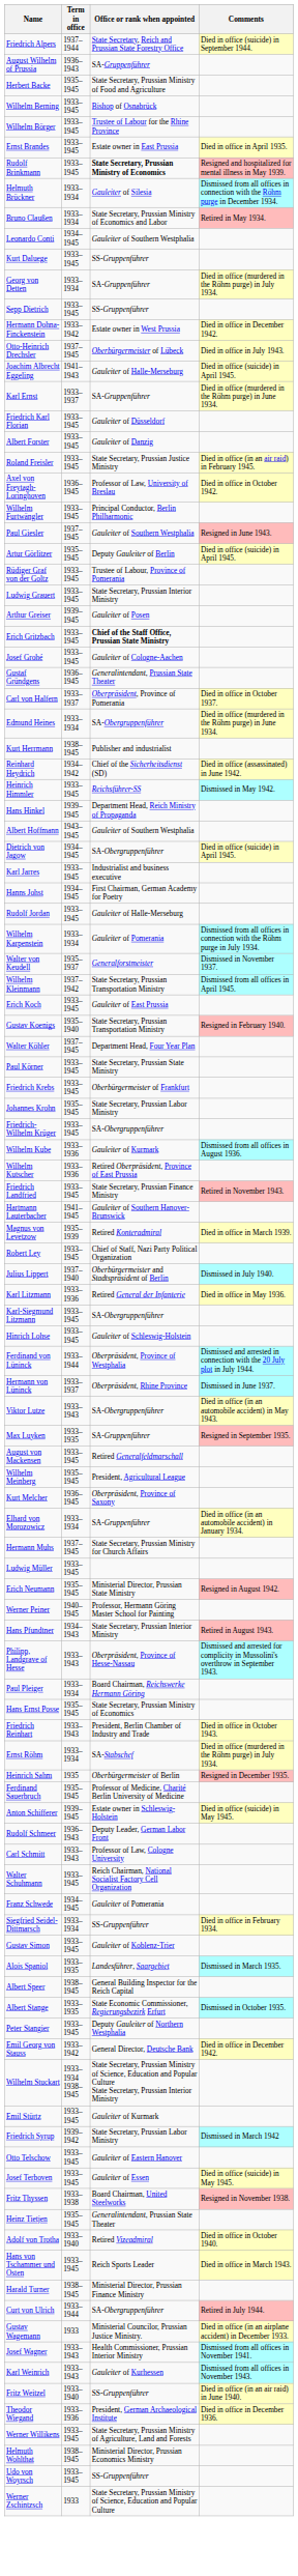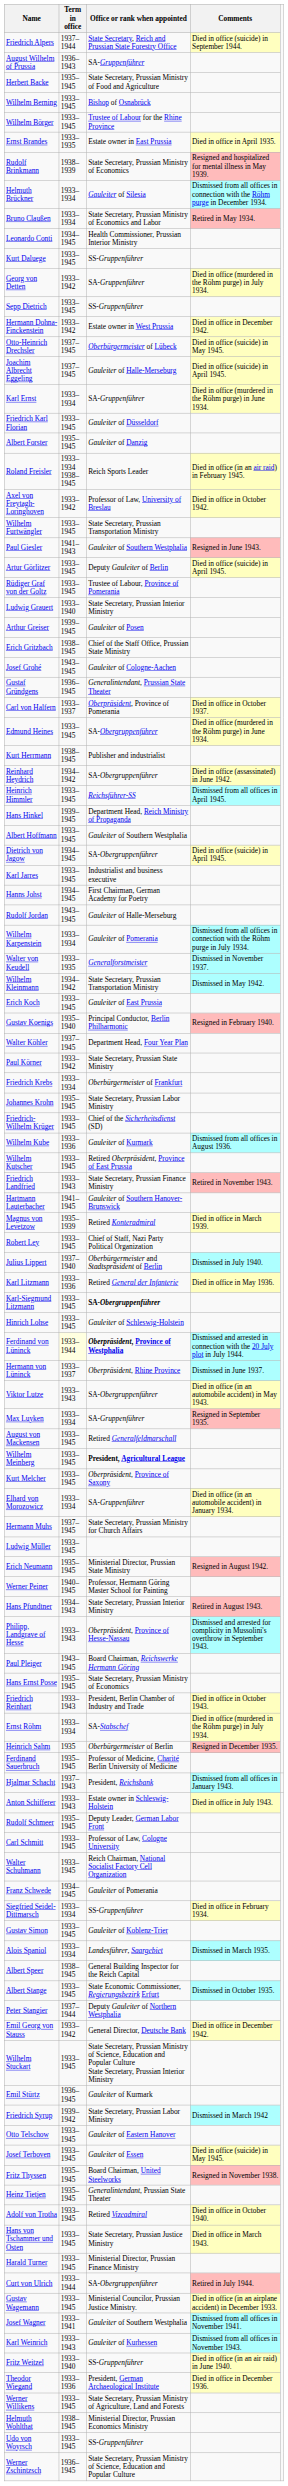 <table class="wikitable sortable toptextcells">
 <tr align="center" bgcolor="#dfdfdf">
 <th class="unsortable">Name</th>
 <th>Term in office</th>
 <th>Office or rank when appointed</th>
 <th>Comments</th>
 </tr>
 <tr>
 <td><a href='#'>Friedrich Alpers</a></td>
 <td>1937–1944</td>
 <td><a href='#'>State Secretary</a>, <a href='#'>Reich and Prussian State Forestry Office</a></td>
 <td style="background:#ffffbf">Died in office (suicide) in September 1944.</td>
 </tr>
 <tr>
 <td><a href='#'>August Wilhelm of Prussia</a></td>
 <td>1936–1943</td>
 <td>SA-<em><a href='#'>Gruppenführer</a></em></td>
 <td></td>
 </tr>
 <tr>
 <td><a href='#'>Herbert Backe</a></td>
 <td>1935–1945</td>
 <td>State Secretary, Prussian Ministry of Food and Agriculture</td>
 <td></td>
 </tr>
 <tr>
 <td><a href='#'>Wilhelm Berning</a></td>
 <td>1933–1945</td>
 <td><a href='#'>Bishop</a> of <a href='#'>Osnabrück</a></td>
 <td></td>
 </tr>
 <tr>
 <td><a href='#'>Wilhelm Börger</a></td>
 <td>1933–1945</td>
 <td><a href='#'>Trustee of Labour</a> for the <a href='#'>Rhine Province</a></td>
 <td></td>
 </tr>
 <tr>
 <td><a href='#'>Ernst Brandes</a></td>
-<td>1933–1945</td>
+<td>1933–1935</td>
 <td>Estate owner in <a href='#'>East Prussia</a></td>
 <td style="background:#ffffbf">Died in office in April 1935.</td>
 </tr>
 <tr>
 <td><a href='#'>Rudolf Brinkmann</a></td>
-<td>1933–1945</td>
-<td><strong>State Secretary, Prussian Ministry of Economics</strong></td>
+<td>1938–1939</td>
+<td>State Secretary, Prussian Ministry of Economics</td>
 <td style="background:#ffbbbb">Resigned and hospitalized for mental illness in May 1939.</td>
 </tr>
 <tr>
 <td><a href='#'>Helmuth Brückner</a></td>
 <td>1933–1934</td>
 <td><em><a href='#'>Gauleiter</a></em> of <a href='#'>Silesia</a></td>
 <td style="background:#adffff">Dismissed from all offices in connection with the <a href='#'>Röhm purge</a> in December 1934.</td>
 </tr>
 <tr>
 <td><a href='#'>Bruno Claußen</a></td>
 <td>1933–1934</td>
 <td>State Secretary, Prussian Ministry of Economics and Labor</td>
 <td style="background:#ffbbbb">Retired in May 1934.</td>
 </tr>
 <tr>
 <td><a href='#'>Leonardo Conti</a></td>
 <td>1934–1945</td>
-<td><em>Gauleiter</em> of Southern Westphalia</td>
+<td>Health Commissioner, Prussian Interior Ministry</td>
 <td></td>
 </tr>
 <tr>
 <td><a href='#'>Kurt Daluege</a></td>
 <td>1933–1945</td>
 <td>SS-<em>Gruppenführer</em></td>
 <td></td>
 </tr>
 <tr>
 <td><a href='#'>Georg von Detten</a></td>
-<td>1933–1934</td>
+<td>1933–1942</td>
 <td>SA-<em>Gruppenführer</em></td>
 <td style="background:#ffffbf">Died in office (murdered in the Röhm purge) in July 1934.</td>
 </tr>
 <tr>
 <td><a href='#'>Sepp Dietrich</a></td>
 <td>1933–1945</td>
 <td>SS-<em>Gruppenführer</em></td>
 <td></td>
 </tr>
 <tr>
 <td><a href='#'>Hermann Dohna-Finckenstein</a></td>
 <td>1933–1942</td>
 <td>Estate owner in <a href='#'>West Prussia</a></td>
 <td style="background:#ffffbf">Died in office in December 1942.</td>
 </tr>
 <tr>
 <td><a href='#'>Otto-Heinrich Drechsler</a></td>
 <td>1937–1945</td>
 <td><em><a href='#'>Oberbürgermeister</a></em> of <a href='#'>Lübeck</a></td>
-<td style="background:#ffffbf">Died in office in July 1943.</td>
+<td style="background:#ffffbf">Died in office (suicide) in May 1945.</td>
 </tr>
 <tr>
 <td><a href='#'>Joachim Albrecht Eggeling</a></td>
-<td>1941–1943</td>
+<td>1937–1945</td>
 <td><em>Gauleiter</em> of <a href='#'>Halle-Merseburg</a></td>
 <td style="background:#ffffbf">Died in office (suicide) in April 1945.</td>
 </tr>
 <tr>
 <td><a href='#'>Karl Ernst</a></td>
-<td>1933–1937</td>
+<td>1933–1934</td>
 <td>SA-<em>Gruppenführer</em></td>
 <td style="background:#ffffbf">Died in office (murdered in the Röhm purge) in June 1934.</td>
 </tr>
 <tr>
 <td><a href='#'>Friedrich Karl Florian</a></td>
 <td>1933–1945</td>
 <td><em>Gauleiter</em> of <a href='#'>Düsseldorf</a></td>
 <td></td>
 </tr>
 <tr>
 <td><a href='#'>Albert Forster</a></td>
-<td>1933–1945</td>
+<td>1935–1945</td>
 <td><em>Gauleiter</em> of <a href='#'>Danzig</a></td>
 <td></td>
 </tr>
 <tr>
 <td><a href='#'>Roland Freisler</a></td>
-<td>1933–1945</td>
-<td>State Secretary, Prussian Justice Ministry</td>
+<td>1933–1934<br>1938–1945</td>
+<td>Reich Sports Leader</td>
 <td style="background:#ffffbf">Died in office (in an <a href='#'>air raid</a>) in February 1945.</td>
 </tr>
 <tr>
 <td><a href='#'>Axel von Freytagh-Loringhoven</a></td>
-<td>1936–1945</td>
+<td>1933–1942</td>
 <td>Professor of Law, <a href='#'>University of Breslau</a></td>
 <td style="background:#ffffbf">Died in office in October 1942.</td>
 </tr>
 <tr>
 <td><a href='#'>Wilhelm Furtwängler</a></td>
 <td>1933–1945</td>
-<td>Principal Conductor, <a href='#'>Berlin Philharmonic</a></td>
+<td>State Secretary, Prussian Transportation Ministry</td>
 <td></td>
 </tr>
 <tr>
 <td><a href='#'>Paul Giesler</a></td>
-<td>1937–1945</td>
+<td>1941–1943</td>
 <td><em>Gauleiter</em> of <a href='#'>Southern Westphalia</a></td>
 <td style="background:#ffbbbb">Resigned in June 1943.</td>
 </tr>
 <tr>
 <td><a href='#'>Artur Görlitzer</a></td>
-<td>1935–1945</td>
+<td>1933–1945</td>
 <td>Deputy <em>Gauleiter</em> of <a href='#'>Berlin</a></td>
 <td style="background:#ffffbf">Died in office (suicide) in April 1945.</td>
 </tr>
 <tr>
 <td><a href='#'>Rüdiger Graf von der Goltz</a></td>
 <td>1933–1945</td>
 <td>Trustee of Labour, <a href='#'>Province of Pomerania</a></td>
 <td></td>
 </tr>
 <tr>
 <td><a href='#'>Ludwig Grauert</a></td>
-<td>1933–1945</td>
+<td>1933–1940</td>
 <td>State Secretary, Prussian Interior Ministry</td>
 <td></td>
 </tr>
 <tr>
 <td><a href='#'>Arthur Greiser</a></td>
 <td>1939–1945</td>
 <td><em>Gauleiter</em> of <a href='#'>Posen</a></td>
 <td></td>
 </tr>
 <tr>
 <td><a href='#'>Erich Gritzbach</a></td>
-<td>1933–1945</td>
-<td><strong>Chief of the Staff Office, Prussian State Ministry</strong></td>
+<td>1938–1945</td>
+<td>Chief of the Staff Office, Prussian State Ministry</td>
 <td></td>
 </tr>
 <tr>
 <td><a href='#'>Josef Grohé</a></td>
-<td>1933–1945</td>
+<td>1943–1945</td>
 <td><em>Gauleiter</em> of <a href='#'>Cologne-Aachen</a></td>
 <td></td>
 </tr>
 <tr>
 <td><a href='#'>Gustaf Gründgens</a></td>
 <td>1936–1945</td>
 <td><em>Generalintendant</em>, <a href='#'>Prussian State Theater</a></td>
 <td></td>
 </tr>
 <tr>
 <td><a href='#'>Carl von Halfern</a></td>
 <td>1933–1937</td>
 <td><em><a href='#'>Oberpräsident</a></em>, Province of Pomerania</td>
 <td style="background:#ffffbf">Died in office in October 1937.</td>
 </tr>
 <tr>
 <td><a href='#'>Edmund Heines</a></td>
-<td>1933–1934</td>
+<td>1933–1945</td>
 <td>SA-<em><a href='#'>Obergruppenführer</a></em></td>
 <td style="background:#ffffbf">Died in office (murdered in the Röhm purge) in June 1934.</td>
 </tr>
 <tr>
 <td><a href='#'>Kurt Herrmann</a></td>
 <td>1938–1945</td>
 <td>Publisher and industrialist</td>
 <td></td>
 </tr>
 <tr>
 <td><a href='#'>Reinhard Heydrich</a></td>
 <td>1934–1942</td>
-<td>Chief of the <em><a href='#'>Sicherheitsdienst</a></em> (SD)</td>
+<td>SA-<em>Obergruppenführer</em></td>
 <td style="background:#ffffbf">Died in office (assassinated) in June 1942.</td>
 </tr>
 <tr>
 <td><a href='#'>Heinrich Himmler</a></td>
 <td>1933–1945</td>
 <td><em><a href='#'>Reichsführer-SS</a></em></td>
-<td style="background:#adffff">Dismissed in May 1942.</td>
+<td style="background:#adffff">Dismissed from all offices in April 1945.</td>
 </tr>
 <tr>
 <td><a href='#'>Hans Hinkel</a></td>
 <td>1939–1945</td>
 <td>Department Head, <a href='#'>Reich Ministry of Propaganda</a></td>
 <td></td>
 </tr>
 <tr>
 <td><a href='#'>Albert Hoffmann</a></td>
-<td>1943–1945</td>
+<td>1933–1945</td>
 <td><em>Gauleiter</em> of Southern Westphalia</td>
 <td></td>
 </tr>
 <tr>
 <td><a href='#'>Dietrich von Jagow</a></td>
 <td>1934–1945</td>
 <td>SA-<em>Obergruppenführer</em></td>
 <td style="background:#ffffbf">Died in office (suicide) in April 1945.</td>
 </tr>
 <tr>
 <td><a href='#'>Karl Jarres</a></td>
 <td>1933–1945</td>
 <td>Industrialist and business executive</td>
 <td></td>
 </tr>
 <tr>
 <td><a href='#'>Hanns Johst</a></td>
 <td>1934–1945</td>
 <td>First Chairman, German Academy for Poetry</td>
 <td></td>
 </tr>
 <tr>
 <td><a href='#'>Rudolf Jordan</a></td>
-<td>1933–1945</td>
+<td>1943–1945</td>
 <td><em>Gauleiter</em> of Halle-Merseburg</td>
 <td></td>
 </tr>
 <tr>
 <td><a href='#'>Wilhelm Karpenstein</a></td>
 <td>1933–1934</td>
 <td><em>Gauleiter</em> of <a href='#'>Pomerania</a></td>
 <td style="background:#adffff">Dismissed from all offices in connection with the Röhm purge in July 1934.</td>
 </tr>
 <tr>
 <td><a href='#'>Walter von Keudell</a></td>
-<td>1935–1937</td>
+<td>1933–1935</td>
 <td><em><a href='#'>Generalforstmeister</a></em></td>
 <td style="background:#adffff">Dismissed in November 1937.</td>
 </tr>
 <tr>
 <td><a href='#'>Wilhelm Kleinmann</a></td>
-<td>1937–1942</td>
+<td>1934–1942</td>
 <td>State Secretary, Prussian Transportation Ministry</td>
-<td style="background:#adffff">Dismissed from all offices in April 1945.</td>
+<td style="background:#adffff">Dismissed in May 1942.</td>
 </tr>
 <tr>
 <td><a href='#'>Erich Koch</a></td>
 <td>1933–1945</td>
 <td><em>Gauleiter</em> of <a href='#'>East Prussia</a></td>
 <td></td>
 </tr>
 <tr>
 <td><a href='#'>Gustav Koenigs</a></td>
 <td>1935–1940</td>
-<td>State Secretary, Prussian Transportation Ministry</td>
+<td>Principal Conductor, <a href='#'>Berlin Philharmonic</a></td>
 <td style="background:#ffbbbb">Resigned in February 1940.</td>
 </tr>
 <tr>
 <td><a href='#'>Walter Köhler</a></td>
 <td>1937–1945</td>
 <td>Department Head, <a href='#'>Four Year Plan</a></td>
 <td></td>
 </tr>
 <tr>
 <td><a href='#'>Paul Körner</a></td>
-<td>1933–1945</td>
+<td>1933–1942</td>
 <td>State Secretary, Prussian State Ministry</td>
 <td></td>
 </tr>
 <tr>
 <td><a href='#'>Friedrich Krebs</a></td>
-<td>1933–1945</td>
+<td>1933–1934</td>
 <td><em>Oberbürgermeister</em> of <a href='#'>Frankfurt</a></td>
 <td></td>
 </tr>
 <tr>
 <td><a href='#'>Johannes Krohn</a></td>
 <td>1935–1945</td>
 <td>State Secretary, Prussian Labor Ministry</td>
 <td></td>
 </tr>
 <tr>
 <td><a href='#'>Friedrich-Wilhelm Krüger</a></td>
 <td>1933–1945</td>
-<td>SA-<em>Obergruppenführer</em></td>
+<td>Chief of the <em><a href='#'>Sicherheitsdienst</a></em> (SD)</td>
 <td></td>
 </tr>
 <tr>
 <td><a href='#'>Wilhelm Kube</a></td>
 <td>1933–1936</td>
 <td><em>Gauleiter</em> of <a href='#'>Kurmark</a></td>
 <td style="background:#adffff">Dismissed from all offices in August 1936.</td>
 </tr>
 <tr>
 <td><a href='#'>Wilhelm Kutscher</a></td>
-<td>1933–1936</td>
+<td>1933–1945</td>
 <td>Retired <em>Oberpräsident</em>, <a href='#'>Province of East Prussia</a></td>
 <td></td>
 </tr>
 <tr>
 <td><a href='#'>Friedrich Landfried</a></td>
-<td>1933–1945</td>
+<td>1933–1943</td>
 <td>State Secretary, Prussian Finance Ministry</td>
 <td style="background:#ffbbbb">Retired in November 1943.</td>
 </tr>
 <tr>
 <td><a href='#'>Hartmann Lauterbacher</a></td>
 <td>1941–1945</td>
 <td><em>Gauleiter</em> of <a href='#'>Southern Hanover-Brunswick</a></td>
 <td></td>
 </tr>
 <tr>
 <td><a href='#'>Magnus von Levetzow</a></td>
 <td>1935–1939</td>
 <td>Retired <em><a href='#'>Konteradmiral</a></em></td>
 <td style="background:#ffffbf">Died in office in March 1939.</td>
 </tr>
 <tr>
 <td><a href='#'>Robert Ley</a></td>
 <td>1933–1945</td>
 <td>Chief of Staff, Nazi Party Political Organization</td>
 <td></td>
 </tr>
 <tr>
 <td><a href='#'>Julius Lippert</a></td>
 <td>1937–1940</td>
 <td><em>Oberbürgermeister</em> and <em>Stadtspräsident</em> of <a href='#'>Berlin</a></td>
 <td style="background:#adffff">Dismissed in July 1940.</td>
 </tr>
 <tr>
 <td><a href='#'>Karl Litzmann</a></td>
 <td>1933–1936</td>
 <td>Retired <em><a href='#'>General der Infanterie</a></em></td>
 <td style="background:#ffffbf">Died in office in May 1936.</td>
 </tr>
 <tr>
 <td><a href='#'>Karl-Siegmund Litzmann</a></td>
 <td>1933–1945</td>
-<td>SA-<em>Obergruppenführer</em></td>
+<td><strong>SA-<em>Obergruppenführer</em></strong></td>
 <td></td>
 </tr>
 <tr>
 <td><a href='#'>Hinrich Lohse</a></td>
 <td>1933–1945</td>
 <td><em>Gauleiter</em> of <a href='#'>Schleswig-Holstein</a></td>
 <td></td>
 </tr>
 <tr>
 <td><a href='#'>Ferdinand von Lüninck</a></td>
-<td>1933–1944</td>
-<td><em>Oberpräsident</em>, <a href='#'>Province of Westphalia</a></td>
+<td style="background: lightyellow;">1933–1944</td>
+<td><strong><em>Oberpräsident</em>, <a href='#'>Province of Westphalia</a></strong></td>
 <td style="background:#adffff">Dismissed and arrested in connection with the <a href='#'>20 July plot</a> in July 1944.</td>
 </tr>
 <tr>
 <td><a href='#'>Hermann von Lüninck</a></td>
 <td>1933–1937</td>
 <td><em>Oberpräsident</em>, <a href='#'>Rhine Province</a></td>
 <td style="background:#adffff">Dismissed in June 1937.</td>
 </tr>
 <tr>
 <td><a href='#'>Viktor Lutze</a></td>
 <td>1933–1943</td>
 <td>SA-<em>Obergruppenführer</em></td>
 <td style="background:#ffffbf">Died in office (in an automobile accident) in May 1943.</td>
 </tr>
 <tr>
 <td><a href='#'>Max Luyken</a></td>
-<td>1933–1935</td>
+<td>1933–1934</td>
 <td>SA-<em>Gruppenführer</em></td>
 <td style="background:#ffbbbb">Resigned in September 1935.</td>
 </tr>
 <tr>
 <td><a href='#'>August von Mackensen</a></td>
 <td>1933–1945</td>
 <td>Retired <em><a href='#'>Generalfeldmarschall</a></em></td>
 <td></td>
 </tr>
 <tr>
 <td><a href='#'>Wilhelm Meinberg</a></td>
-<td>1935–1945</td>
-<td>President, <a href='#'>Agricultural League</a></td>
+<td>1933–1945</td>
+<td><strong>President, <a href='#'>Agricultural League</a></strong></td>
 <td></td>
 </tr>
 <tr>
 <td><a href='#'>Kurt Melcher</a></td>
-<td>1936–1945</td>
+<td>1933–1945</td>
 <td><em>Oberpräsident</em>, <a href='#'>Province of Saxony</a></td>
 <td></td>
 </tr>
 <tr>
 <td><a href='#'>Elhard von Morozowicz</a></td>
 <td>1933–1934</td>
 <td>SA-<em>Gruppenführer</em></td>
 <td style="background:#ffffbf">Died in office (in an automobile accident) in January 1934.</td>
 </tr>
 <tr>
 <td><a href='#'>Hermann Muhs</a></td>
 <td>1937–1945</td>
 <td>State Secretary, Prussian Ministry for Church Affairs</td>
 <td></td>
 </tr>
 <tr>
 <td><a href='#'>Ludwig Müller</a></td>
 <td>1933–1945</td>
 <td></td>
 <td></td>
 </tr>
 <tr>
 <td><a href='#'>Erich Neumann</a></td>
 <td>1935–1945</td>
 <td>Ministerial Director, Prussian State Ministry</td>
 <td style="background:#ffbbbb">Resigned in August 1942.</td>
 </tr>
 <tr>
 <td><a href='#'>Werner Peiner</a></td>
 <td>1940–1945</td>
 <td>Professor, Hermann Göring Master School for Painting</td>
 <td></td>
 </tr>
 <tr>
 <td><a href='#'>Hans Pfundtner</a></td>
 <td>1934–1943</td>
 <td>State Secretary, Prussian Interior Ministry</td>
 <td style="background:#ffbbbb">Retired in August 1943.</td>
 </tr>
 <tr>
 <td><a href='#'>Philipp, Landgrave of Hesse</a></td>
 <td>1933–1943</td>
 <td><em>Oberpräsident</em>, <a href='#'>Province of Hesse-Nassau</a></td>
 <td style="background:#adffff">Dismissed and arrested for complicity in Mussolini's overthrow in September 1943.</td>
 </tr>
 <tr>
 <td><a href='#'>Paul Pleiger</a></td>
-<td>1933–1934</td>
+<td>1943–1945</td>
 <td>Board Chairman, <em><a href='#'>Reichswerke Hermann Göring</a></em></td>
 <td></td>
 </tr>
 <tr>
 <td><a href='#'>Hans Ernst Posse</a></td>
 <td>1935–1945</td>
 <td>State Secretary, Prussian Ministry of Economics</td>
 <td></td>
 </tr>
 <tr>
 <td><a href='#'>Friedrich Reinhart</a></td>
 <td>1933–1943</td>
 <td>President, Berlin Chamber of Industry and Trade</td>
 <td style="background:#ffffbf">Died in office in October 1943.</td>
 </tr>
 <tr>
 <td><a href='#'>Ernst Röhm</a></td>
 <td>1933–1934</td>
 <td>SA-<em><a href='#'>Stabschef</a></em></td>
 <td style="background:#ffffbf">Died in office (murdered in the Röhm purge) in July 1934.</td>
 </tr>
 <tr>
 <td><a href='#'>Heinrich Sahm</a></td>
 <td>1935</td>
 <td><em>Oberbürgermeister</em> of Berlin</td>
 <td style="background:#ffbbbb">Resigned in December 1935.</td>
 </tr>
 <tr>
 <td><a href='#'>Ferdinand Sauerbruch</a></td>
 <td>1935–1945</td>
 <td>Professor of Medicine, <a href='#'>Charité</a> Berlin University of Medicine</td>
 <td></td>
 </tr>
 <tr>
+<td><a href='#'>Hjalmar Schacht</a></td>
+<td>1937–1943</td>
+<td>President, <em><a href='#'>Reichsbank</a></em></td>
+<td style="background:#adffff">Dismissed from all offices in January 1943.</td>
+<td></td>
+</tr>
+<tr>
 <td><a href='#'>Anton Schifferer</a></td>
-<td>1939–1945</td>
+<td>1933–1943</td>
 <td>Estate owner in <a href='#'>Schleswig-Holstein</a></td>
-<td style="background:#ffffbf">Died in office (suicide) in May 1945.</td>
+<td style="background:#ffffbf">Died in office in July 1943.</td>
 </tr>
 <tr>
 <td><a href='#'>Rudolf Schmeer</a></td>
-<td>1936–1943</td>
+<td>1935–1945</td>
 <td>Deputy Leader, <a href='#'>German Labor Front</a></td>
 <td></td>
 </tr>
 <tr>
 <td><a href='#'>Carl Schmitt</a></td>
-<td>1933–1943</td>
+<td>1933–1945</td>
 <td>Professor of Law, <a href='#'>Cologne  University</a></td>
 <td></td>
 </tr>
 <tr>
 <td><a href='#'>Walter Schuhmann</a></td>
 <td>1933–1945</td>
 <td>Reich Chairman, <a href='#'>National Socialist Factory Cell Organization</a></td>
 <td></td>
 </tr>
 <tr>
 <td><a href='#'>Franz Schwede</a></td>
 <td>1934–1945</td>
 <td><em>Gauleiter</em> of Pomerania</td>
 <td></td>
 </tr>
 <tr>
 <td><a href='#'>Siegfried Seidel-Dittmarsch</a></td>
 <td>1933–1934</td>
 <td>SS-<em>Gruppenführer</em></td>
 <td style="background:#ffffbf">Died in office in February 1934.</td>
 </tr>
 <tr>
 <td><a href='#'>Gustav Simon</a></td>
 <td>1933–1945</td>
 <td><em>Gauleiter</em> of <a href='#'>Koblenz-Trier</a></td>
 <td></td>
 </tr>
 <tr>
 <td><a href='#'>Alois Spaniol</a></td>
-<td>1933–1935</td>
+<td>1933–1934</td>
 <td><em>Landesführer</em>, <em><a href='#'>Saargebiet</a></em></td>
 <td style="background:#adffff">Dismissed in March 1935.</td>
 </tr>
 <tr>
 <td><a href='#'>Albert Speer</a></td>
 <td>1938–1945</td>
 <td>General Building Inspector for the Reich Capital</td>
 <td></td>
 </tr>
 <tr>
 <td><a href='#'>Albert Stange</a></td>
-<td>1933–1935</td>
+<td>1933–1945</td>
 <td>State Economic Commissioner, <em><a href='#'>Regierungsbezirk</a></em> <a href='#'>Erfurt</a></td>
 <td style="background:#adffff">Dismissed in October 1935.</td>
 </tr>
 <tr>
 <td><a href='#'>Peter Stangier</a></td>
-<td>1933–1945</td>
+<td>1937–1944</td>
 <td>Deputy <em>Gauleiter</em> of <a href='#'>Northern Westphalia</a></td>
 <td></td>
 </tr>
 <tr>
 <td><a href='#'>Emil Georg von Stauss</a></td>
 <td>1933–1942</td>
 <td>General Director, <a href='#'>Deutsche Bank</a></td>
 <td style="background:#ffffbf">Died in office in December 1942.</td>
 </tr>
 <tr>
 <td><a href='#'>Wilhelm Stuckart</a></td>
-<td>1933–1934<br>1938–1945</td>
+<td>1933–1945</td>
 <td>State Secretary, Prussian Ministry of Science, Education and Popular Culture<br>State Secretary, Prussian Interior Ministry</td>
 <td></td>
 </tr>
 <tr>
 <td><a href='#'>Emil Stürtz</a></td>
-<td>1933–1945</td>
+<td>1936–1945</td>
 <td><em>Gauleiter</em> of Kurmark</td>
 <td></td>
 </tr>
 <tr>
 <td><a href='#'>Friedrich Syrup</a></td>
 <td>1939–1942</td>
 <td>State Secretary, Prussian Labor Ministry</td>
 <td style="background:#adffff">Dismissed in March 1942</td>
 </tr>
 <tr>
 <td><a href='#'>Otto Telschow</a></td>
 <td>1933–1945</td>
 <td><em>Gauleiter</em> of <a href='#'>Eastern Hanover</a></td>
 <td></td>
 </tr>
 <tr>
 <td><a href='#'>Josef Terboven</a></td>
 <td>1933–1945</td>
 <td><em>Gauleiter</em> of <a href='#'>Essen</a></td>
 <td style="background:#ffffbf">Died in office (suicide) in May 1945.</td>
 </tr>
 <tr>
 <td><a href='#'>Fritz Thyssen</a></td>
-<td>1933–1938</td>
+<td>1935–1945</td>
 <td>Board Chairman, <a href='#'>United Steelworks</a></td>
 <td style="background:#ffbbbb">Resigned in November 1938.</td>
 </tr>
 <tr>
 <td><a href='#'>Heinz Tietjen</a></td>
 <td>1935–1945</td>
 <td><em>Generalintendant</em>, Prussian State Theater</td>
 <td></td>
 </tr>
 <tr>
 <td><a href='#'>Adolf von Trotha</a></td>
-<td>1933–1940</td>
+<td>1933–1945</td>
 <td>Retired <em><a href='#'>Vizeadmiral</a></em></td>
 <td style="background:#ffffbf">Died in office in October 1940.</td>
 </tr>
 <tr>
 <td><a href='#'>Hans von Tschammer und Osten</a></td>
 <td>1933–1945</td>
-<td>Reich Sports Leader</td>
+<td>State Secretary, Prussian Justice Ministry</td>
 <td style="background:#ffffbf">Died in office in March 1943.</td>
 </tr>
 <tr>
 <td><a href='#'>Harald Turner</a></td>
-<td>1938–1945</td>
+<td>1933–1945</td>
 <td>Ministerial Director, Prussian Finance Ministry</td>
 <td></td>
 </tr>
 <tr>
 <td><a href='#'>Curt von Ulrich</a></td>
 <td>1933–1944</td>
 <td>SA-<em>Obergruppenführer</em></td>
 <td style="background:#ffbbbb">Retired in July 1944.</td>
 </tr>
 <tr>
 <td><a href='#'>Gustav Wagemann</a></td>
-<td>1933</td>
+<td>1933–1945</td>
 <td>Ministerial Councilor, Prussian Justice Ministry.</td>
 <td style="background:#ffffbf">Died in office (in an airplane accident) in December 1933.</td>
 </tr>
 <tr>
 <td><a href='#'>Josef Wagner</a></td>
-<td>1933–1943</td>
-<td>Health Commissioner, Prussian Interior Ministry</td>
+<td>1933–1941</td>
+<td><em>Gauleiter</em> of Southern Westphalia</td>
 <td style="background:#adffff">Dismissed from all offices in November 1941.</td>
 </tr>
 <tr>
 <td><a href='#'>Karl Weinrich</a></td>
 <td>1933–1943</td>
 <td><em>Gauleiter</em> of <a href='#'>Kurhessen</a></td>
 <td style="background:#adffff">Dismissed from all offices in November 1943.</td>
 </tr>
 <tr>
 <td><a href='#'>Fritz Weitzel</a></td>
 <td>1933–1940</td>
 <td>SS-<em>Gruppenführer</em></td>
 <td style="background:#ffffbf">Died in office (in an air raid) in June 1940.</td>
 </tr>
 <tr>
 <td><a href='#'>Theodor Wiegand</a></td>
 <td>1933–1936</td>
 <td>President, <a href='#'>German Archaeological Institute</a></td>
 <td style="background:#ffffbf">Died in office in December 1936.</td>
 </tr>
 <tr>
 <td><a href='#'>Werner Willikens</a></td>
 <td>1933–1945</td>
 <td>State Secretary, Prussian Ministry of Agriculture, Land and Forests</td>
 <td></td>
 </tr>
 <tr>
 <td><a href='#'>Helmuth Wohlthat</a></td>
 <td>1938–1945</td>
 <td>Ministerial Director, Prussian Economics Ministry</td>
 <td></td>
 </tr>
 <tr>
 <td><a href='#'>Udo von Woyrsch</a></td>
 <td>1933–1945</td>
 <td>SS-<em>Gruppenführer</em></td>
 <td></td>
 </tr>
 <tr>
 <td><a href='#'>Werner Zschintzsch</a></td>
-<td>1933</td>
+<td>1936–1945</td>
 <td>State Secretary, Prussian Ministry of Science, Education and Popular Culture</td>
 <td></td>
 </tr>
 </table>
